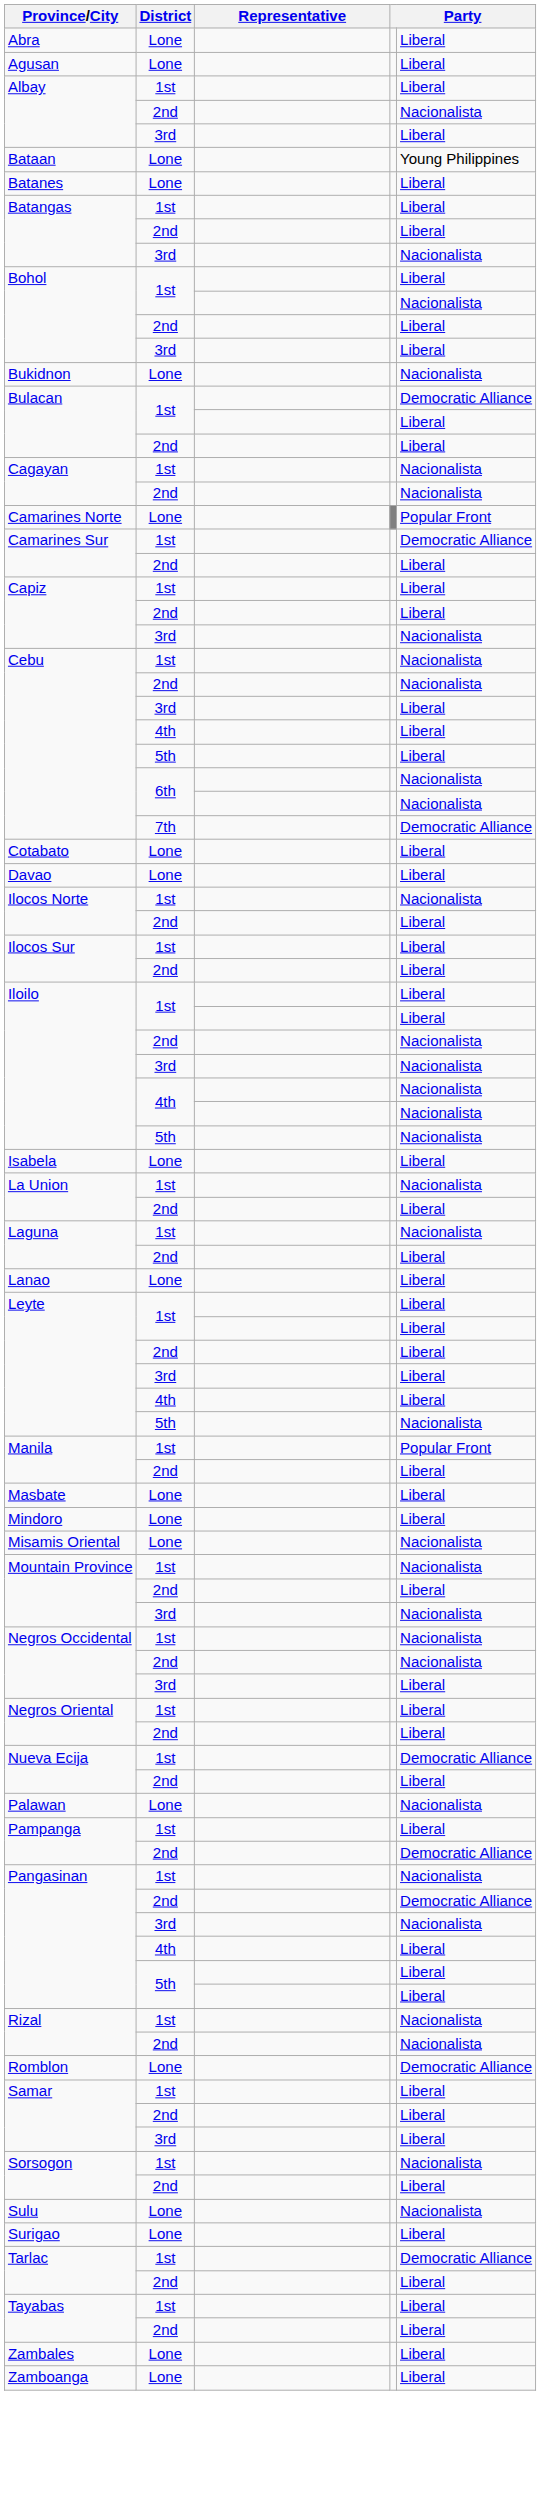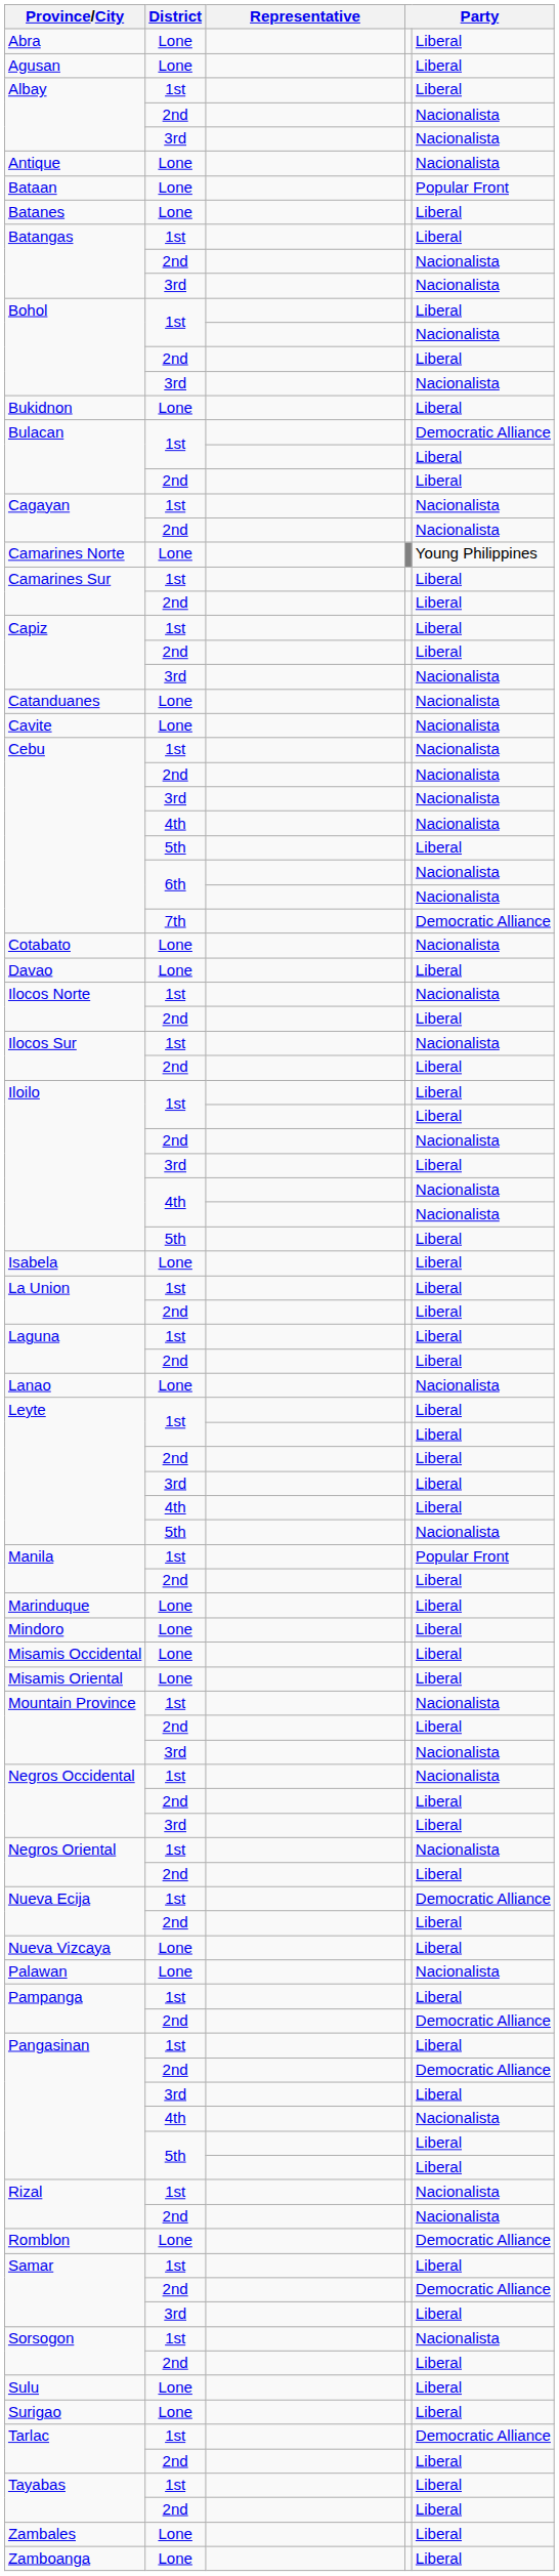 <table class="wikitable sortable">
 <tr>
 <th><a href='#'>Province</a>/<a href='#'>City</a></th>
 <th><a href='#'>District</a></th>
 <th width="200px"><a href='#'>Representative</a></th>
 <th colspan="2"><a href='#'>Party</a></th>
 </tr>
 <tr>
 <td valign="top"><a href='#'>Abra</a></td>
 <td align="center"><a href='#'>Lone</a></td>
 <td></td>
 <td></td>
 <td><a href='#'>Liberal</a></td>
 </tr>
 <tr>
 <td valign="top"><a href='#'>Agusan</a></td>
 <td align="center"><a href='#'>Lone</a></td>
 <td></td>
 <td></td>
 <td><a href='#'>Liberal</a></td>
 </tr>
 <tr>
 <td rowspan="3" valign="top"><a href='#'>Albay</a></td>
 <td align="center"><a href='#'>1st</a></td>
 <td></td>
 <td></td>
 <td><a href='#'>Liberal</a></td>
 </tr>
 <tr>
 <td align="center"><a href='#'>2nd</a></td>
 <td></td>
 <td></td>
 <td><a href='#'>Nacionalista</a></td>
 </tr>
 <tr>
 <td align="center"><a href='#'>3rd</a></td>
 <td></td>
 <td></td>
-<td><a href='#'>Liberal</a></td>
+<td><a href='#'>Nacionalista</a></td>
+</tr>
+<tr>
+<td><a href='#'>Antique</a></td>
+<td align="center"><a href='#'>Lone</a></td>
+<td></td>
+<td></td>
+<td><a href='#'>Nacionalista</a></td>
 </tr>
 <tr>
 <td valign="top"><a href='#'>Bataan</a></td>
 <td align="center"><a href='#'>Lone</a></td>
 <td></td>
 <td></td>
-<td>Young Philippines</td>
+<td><a href='#'>Popular Front</a></td>
 </tr>
 <tr>
 <td valign="top"><a href='#'>Batanes</a></td>
 <td align="center"><a href='#'>Lone</a></td>
 <td></td>
 <td></td>
 <td><a href='#'>Liberal</a></td>
 </tr>
 <tr>
 <td rowspan="3" valign="top"><a href='#'>Batangas</a></td>
 <td align="center"><a href='#'>1st</a></td>
 <td></td>
 <td></td>
 <td><a href='#'>Liberal</a></td>
 </tr>
 <tr>
 <td align="center"><a href='#'>2nd</a></td>
 <td></td>
 <td></td>
-<td><a href='#'>Liberal</a></td>
+<td><a href='#'>Nacionalista</a></td>
 </tr>
 <tr>
 <td align="center"><a href='#'>3rd</a></td>
 <td></td>
 <td></td>
 <td><a href='#'>Nacionalista</a></td>
 </tr>
 <tr>
 <td rowspan="4" valign="top"><a href='#'>Bohol</a></td>
 <td rowspan="2" align="center"><a href='#'>1st</a></td>
 <td></td>
 <td></td>
 <td><a href='#'>Liberal</a></td>
 </tr>
 <tr>
 <td></td>
 <td></td>
 <td><a href='#'>Nacionalista</a></td>
 </tr>
 <tr>
 <td align="center"><a href='#'>2nd</a></td>
 <td></td>
 <td></td>
 <td><a href='#'>Liberal</a></td>
 </tr>
 <tr>
 <td align="center"><a href='#'>3rd</a></td>
 <td></td>
 <td></td>
-<td><a href='#'>Liberal</a></td>
+<td><a href='#'>Nacionalista</a></td>
 </tr>
 <tr>
 <td valign="top"><a href='#'>Bukidnon</a></td>
 <td align="center"><a href='#'>Lone</a></td>
 <td></td>
 <td></td>
-<td><a href='#'>Nacionalista</a></td>
+<td><a href='#'>Liberal</a></td>
 </tr>
 <tr>
 <td rowspan="3" valign="top"><a href='#'>Bulacan</a></td>
 <td rowspan="2" align="center"><a href='#'>1st</a></td>
 <td></td>
 <td></td>
 <td><a href='#'>Democratic Alliance</a></td>
 </tr>
 <tr>
 <td></td>
 <td></td>
 <td><a href='#'>Liberal</a></td>
 </tr>
 <tr>
 <td align="center"><a href='#'>2nd</a></td>
 <td></td>
 <td></td>
 <td><a href='#'>Liberal</a></td>
 </tr>
 <tr>
 <td rowspan="2" valign="top"><a href='#'>Cagayan</a></td>
 <td align="center"><a href='#'>1st</a></td>
 <td></td>
 <td></td>
 <td><a href='#'>Nacionalista</a></td>
 </tr>
 <tr>
 <td align="center"><a href='#'>2nd</a></td>
 <td></td>
 <td></td>
 <td><a href='#'>Nacionalista</a></td>
 </tr>
 <tr>
 <td valign="top"><a href='#'>Camarines Norte</a></td>
 <td align="center"><a href='#'>Lone</a></td>
 <td></td>
 <td bgcolor="gray"></td>
-<td><a href='#'>Popular Front</a></td>
+<td>Young Philippines</td>
 </tr>
 <tr>
 <td rowspan="2" valign="top"><a href='#'>Camarines Sur</a></td>
 <td align="center"><a href='#'>1st</a></td>
 <td></td>
 <td></td>
-<td><a href='#'>Democratic Alliance</a></td>
+<td><a href='#'>Liberal</a></td>
 </tr>
 <tr>
 <td align="center"><a href='#'>2nd</a></td>
 <td></td>
 <td></td>
 <td><a href='#'>Liberal</a></td>
 </tr>
 <tr>
 <td rowspan="3" valign="top"><a href='#'>Capiz</a></td>
 <td align="center"><a href='#'>1st</a></td>
 <td></td>
 <td></td>
 <td><a href='#'>Liberal</a></td>
 </tr>
 <tr>
 <td align="center"><a href='#'>2nd</a></td>
 <td></td>
 <td></td>
 <td><a href='#'>Liberal</a></td>
 </tr>
 <tr>
 <td align="center"><a href='#'>3rd</a></td>
 <td></td>
 <td></td>
 <td><a href='#'>Nacionalista</a></td>
 </tr>
 <tr>
+<td valign="top"><a href='#'>Catanduanes</a></td>
+<td align="center"><a href='#'>Lone</a></td>
+<td></td>
+<td></td>
+<td><a href='#'>Nacionalista</a></td>
+</tr>
+<tr>
+<td valign="top"><a href='#'>Cavite</a></td>
+<td align="center"><a href='#'>Lone</a></td>
+<td></td>
+<td></td>
+<td><a href='#'>Nacionalista</a></td>
+</tr>
+<tr>
 <td rowspan="8" valign="top"><a href='#'>Cebu</a></td>
 <td align="center"><a href='#'>1st</a></td>
 <td></td>
 <td></td>
 <td><a href='#'>Nacionalista</a></td>
 </tr>
 <tr>
 <td align="center"><a href='#'>2nd</a></td>
 <td></td>
 <td></td>
 <td><a href='#'>Nacionalista</a></td>
 </tr>
 <tr>
 <td align="center"><a href='#'>3rd</a></td>
 <td></td>
 <td></td>
-<td><a href='#'>Liberal</a></td>
+<td><a href='#'>Nacionalista</a></td>
 </tr>
 <tr>
 <td align="center"><a href='#'>4th</a></td>
 <td></td>
 <td></td>
-<td><a href='#'>Liberal</a></td>
+<td><a href='#'>Nacionalista</a></td>
 </tr>
 <tr>
 <td align="center"><a href='#'>5th</a></td>
 <td></td>
 <td></td>
 <td><a href='#'>Liberal</a></td>
 </tr>
 <tr>
 <td rowspan="2" align="center"><a href='#'>6th</a></td>
 <td></td>
 <td></td>
 <td><a href='#'>Nacionalista</a></td>
 </tr>
 <tr>
 <td></td>
 <td></td>
 <td><a href='#'>Nacionalista</a></td>
 </tr>
 <tr>
 <td align="center"><a href='#'>7th</a></td>
 <td></td>
 <td></td>
 <td><a href='#'>Democratic Alliance</a></td>
 </tr>
 <tr>
 <td valign="top"><a href='#'>Cotabato</a></td>
 <td align="center"><a href='#'>Lone</a></td>
 <td></td>
 <td></td>
-<td><a href='#'>Liberal</a></td>
+<td><a href='#'>Nacionalista</a></td>
 </tr>
 <tr>
 <td valign="top"><a href='#'>Davao</a></td>
 <td align="center"><a href='#'>Lone</a></td>
 <td></td>
 <td></td>
 <td><a href='#'>Liberal</a></td>
 </tr>
 <tr>
 <td rowspan="2" valign="top"><a href='#'>Ilocos Norte</a></td>
 <td align="center"><a href='#'>1st</a></td>
 <td></td>
 <td></td>
 <td><a href='#'>Nacionalista</a></td>
 </tr>
 <tr>
 <td align="center"><a href='#'>2nd</a></td>
 <td></td>
 <td></td>
 <td><a href='#'>Liberal</a></td>
 </tr>
 <tr>
 <td rowspan="2" valign="top"><a href='#'>Ilocos Sur</a></td>
 <td align="center"><a href='#'>1st</a></td>
 <td></td>
 <td></td>
-<td><a href='#'>Liberal</a></td>
+<td><a href='#'>Nacionalista</a></td>
 </tr>
 <tr>
 <td align="center"><a href='#'>2nd</a></td>
 <td></td>
 <td></td>
 <td><a href='#'>Liberal</a></td>
 </tr>
 <tr>
 <td rowspan="7" valign="top"><a href='#'>Iloilo</a></td>
 <td rowspan="2" align="center"><a href='#'>1st</a></td>
 <td></td>
 <td></td>
 <td><a href='#'>Liberal</a></td>
 </tr>
 <tr>
 <td></td>
 <td></td>
 <td><a href='#'>Liberal</a></td>
 </tr>
 <tr>
 <td align="center"><a href='#'>2nd</a></td>
 <td></td>
 <td></td>
 <td><a href='#'>Nacionalista</a></td>
 </tr>
 <tr>
 <td align="center"><a href='#'>3rd</a></td>
 <td></td>
 <td></td>
-<td><a href='#'>Nacionalista</a></td>
+<td><a href='#'>Liberal</a></td>
 </tr>
 <tr>
 <td rowspan="2" align="center"><a href='#'>4th</a></td>
 <td></td>
 <td></td>
 <td><a href='#'>Nacionalista</a></td>
 </tr>
 <tr>
 <td></td>
 <td></td>
 <td><a href='#'>Nacionalista</a></td>
 </tr>
 <tr>
 <td align="center"><a href='#'>5th</a></td>
 <td></td>
 <td></td>
-<td><a href='#'>Nacionalista</a></td>
+<td><a href='#'>Liberal</a></td>
 </tr>
 <tr>
 <td valign="top"><a href='#'>Isabela</a></td>
 <td align="center"><a href='#'>Lone</a></td>
 <td></td>
 <td></td>
 <td><a href='#'>Liberal</a></td>
 </tr>
 <tr>
 <td rowspan="2" valign="top"><a href='#'>La Union</a></td>
 <td align="center"><a href='#'>1st</a></td>
 <td></td>
 <td></td>
-<td><a href='#'>Nacionalista</a></td>
+<td><a href='#'>Liberal</a></td>
 </tr>
 <tr>
 <td align="center"><a href='#'>2nd</a></td>
 <td></td>
 <td></td>
 <td><a href='#'>Liberal</a></td>
 </tr>
 <tr>
 <td rowspan="2" valign="top"><a href='#'>Laguna</a></td>
 <td align="center"><a href='#'>1st</a></td>
 <td></td>
 <td></td>
-<td><a href='#'>Nacionalista</a></td>
+<td><a href='#'>Liberal</a></td>
 </tr>
 <tr>
 <td align="center"><a href='#'>2nd</a></td>
 <td></td>
 <td></td>
 <td><a href='#'>Liberal</a></td>
 </tr>
 <tr>
 <td valign="top"><a href='#'>Lanao</a></td>
 <td align="center"><a href='#'>Lone</a></td>
 <td></td>
 <td></td>
-<td><a href='#'>Liberal</a></td>
+<td><a href='#'>Nacionalista</a></td>
 </tr>
 <tr>
 <td rowspan="6" valign="top"><a href='#'>Leyte</a></td>
 <td rowspan="2" align="center"><a href='#'>1st</a></td>
 <td></td>
 <td></td>
 <td><a href='#'>Liberal</a></td>
 </tr>
 <tr>
 <td></td>
 <td></td>
 <td><a href='#'>Liberal</a></td>
 </tr>
 <tr>
 <td align="center"><a href='#'>2nd</a></td>
 <td></td>
 <td></td>
 <td><a href='#'>Liberal</a></td>
 </tr>
 <tr>
 <td align="center"><a href='#'>3rd</a></td>
 <td></td>
 <td></td>
 <td><a href='#'>Liberal</a></td>
 </tr>
 <tr>
 <td align="center"><a href='#'>4th</a></td>
 <td></td>
 <td></td>
 <td><a href='#'>Liberal</a></td>
 </tr>
 <tr>
 <td align="center"><a href='#'>5th</a></td>
 <td></td>
 <td></td>
 <td><a href='#'>Nacionalista</a></td>
 </tr>
 <tr>
 <td rowspan="2" valign="top"><a href='#'>Manila</a></td>
 <td align="center"><a href='#'>1st</a></td>
 <td></td>
 <td></td>
 <td><a href='#'>Popular Front</a></td>
 </tr>
 <tr>
 <td align="center"><a href='#'>2nd</a></td>
 <td></td>
 <td></td>
 <td><a href='#'>Liberal</a></td>
 </tr>
 <tr>
-<td valign="top"><a href='#'>Masbate</a></td>
+<td valign="top"><a href='#'>Marinduque</a></td>
 <td align="center"><a href='#'>Lone</a></td>
 <td></td>
 <td></td>
 <td><a href='#'>Liberal</a></td>
 </tr>
 <tr>
 <td valign="top"><a href='#'>Mindoro</a></td>
 <td align="center"><a href='#'>Lone</a></td>
 <td></td>
 <td></td>
 <td><a href='#'>Liberal</a></td>
 </tr>
 <tr>
+<td valign="top"><a href='#'>Misamis Occidental</a></td>
+<td align="center"><a href='#'>Lone</a></td>
+<td></td>
+<td></td>
+<td><a href='#'>Liberal</a></td>
+</tr>
+<tr>
 <td valign="top"><a href='#'>Misamis Oriental</a></td>
 <td align="center"><a href='#'>Lone</a></td>
 <td></td>
 <td></td>
-<td><a href='#'>Nacionalista</a></td>
+<td><a href='#'>Liberal</a></td>
 </tr>
 <tr>
 <td rowspan="3" valign="top"><a href='#'>Mountain Province</a></td>
 <td align="center"><a href='#'>1st</a></td>
 <td></td>
 <td></td>
 <td><a href='#'>Nacionalista</a></td>
 </tr>
 <tr>
 <td align="center"><a href='#'>2nd</a></td>
 <td></td>
 <td></td>
 <td><a href='#'>Liberal</a></td>
 </tr>
 <tr>
 <td align="center"><a href='#'>3rd</a></td>
 <td></td>
 <td></td>
 <td><a href='#'>Nacionalista</a></td>
 </tr>
 <tr>
 <td rowspan="3" valign="top"><a href='#'>Negros Occidental</a></td>
 <td align="center"><a href='#'>1st</a></td>
 <td></td>
 <td></td>
 <td><a href='#'>Nacionalista</a></td>
 </tr>
 <tr>
 <td align="center"><a href='#'>2nd</a></td>
 <td></td>
 <td></td>
-<td><a href='#'>Nacionalista</a></td>
+<td><a href='#'>Liberal</a></td>
 </tr>
 <tr>
 <td align="center"><a href='#'>3rd</a></td>
 <td></td>
 <td></td>
 <td><a href='#'>Liberal</a></td>
 </tr>
 <tr>
 <td rowspan="2" valign="top"><a href='#'>Negros Oriental</a></td>
 <td align="center"><a href='#'>1st</a></td>
 <td></td>
 <td></td>
-<td><a href='#'>Liberal</a></td>
+<td><a href='#'>Nacionalista</a></td>
 </tr>
 <tr>
 <td align="center"><a href='#'>2nd</a></td>
 <td></td>
 <td></td>
 <td><a href='#'>Liberal</a></td>
 </tr>
 <tr>
 <td rowspan="2" valign="top"><a href='#'>Nueva Ecija</a></td>
 <td align="center"><a href='#'>1st</a></td>
 <td></td>
 <td></td>
 <td><a href='#'>Democratic Alliance</a></td>
 </tr>
 <tr>
 <td align="center"><a href='#'>2nd</a></td>
+<td></td>
+<td></td>
+<td><a href='#'>Liberal</a></td>
+</tr>
+<tr>
+<td valign="top"><a href='#'>Nueva Vizcaya</a></td>
+<td align="center"><a href='#'>Lone</a></td>
 <td></td>
 <td></td>
 <td><a href='#'>Liberal</a></td>
 </tr>
 <tr>
 <td valign="top"><a href='#'>Palawan</a></td>
 <td align="center"><a href='#'>Lone</a></td>
 <td></td>
 <td></td>
 <td><a href='#'>Nacionalista</a></td>
 </tr>
 <tr>
 <td rowspan="2" valign="top"><a href='#'>Pampanga</a></td>
 <td align="center"><a href='#'>1st</a></td>
 <td></td>
 <td></td>
 <td><a href='#'>Liberal</a></td>
 </tr>
 <tr>
 <td align="center"><a href='#'>2nd</a></td>
 <td></td>
 <td></td>
 <td><a href='#'>Democratic Alliance</a></td>
 </tr>
 <tr>
 <td rowspan="6" valign="top"><a href='#'>Pangasinan</a></td>
 <td align="center"><a href='#'>1st</a></td>
 <td></td>
 <td></td>
-<td><a href='#'>Nacionalista</a></td>
+<td><a href='#'>Liberal</a></td>
 </tr>
 <tr>
 <td align="center"><a href='#'>2nd</a></td>
 <td></td>
 <td></td>
 <td><a href='#'>Democratic Alliance</a></td>
 </tr>
 <tr>
 <td align="center"><a href='#'>3rd</a></td>
 <td></td>
 <td></td>
-<td><a href='#'>Nacionalista</a></td>
+<td><a href='#'>Liberal</a></td>
 </tr>
 <tr>
 <td align="center"><a href='#'>4th</a></td>
 <td></td>
 <td></td>
-<td><a href='#'>Liberal</a></td>
+<td><a href='#'>Nacionalista</a></td>
 </tr>
 <tr>
 <td rowspan="2" align="center"><a href='#'>5th</a></td>
 <td></td>
 <td></td>
 <td><a href='#'>Liberal</a></td>
 </tr>
 <tr>
 <td></td>
 <td></td>
 <td><a href='#'>Liberal</a></td>
 </tr>
 <tr>
 <td rowspan="2" valign="top"><a href='#'>Rizal</a></td>
 <td align="center"><a href='#'>1st</a></td>
 <td></td>
 <td></td>
 <td><a href='#'>Nacionalista</a></td>
 </tr>
 <tr>
 <td align="center"><a href='#'>2nd</a></td>
 <td></td>
 <td></td>
 <td><a href='#'>Nacionalista</a></td>
 </tr>
 <tr>
 <td valign="top"><a href='#'>Romblon</a></td>
 <td align="center"><a href='#'>Lone</a></td>
 <td></td>
 <td></td>
 <td><a href='#'>Democratic Alliance</a></td>
 </tr>
 <tr>
 <td rowspan="3" valign="top"><a href='#'>Samar</a></td>
 <td align="center"><a href='#'>1st</a></td>
 <td></td>
 <td></td>
 <td><a href='#'>Liberal</a></td>
 </tr>
 <tr>
 <td align="center"><a href='#'>2nd</a></td>
 <td></td>
 <td></td>
-<td><a href='#'>Liberal</a></td>
+<td><a href='#'>Democratic Alliance</a></td>
 </tr>
 <tr>
 <td align="center"><a href='#'>3rd</a></td>
 <td></td>
 <td></td>
 <td><a href='#'>Liberal</a></td>
 </tr>
 <tr>
 <td rowspan="2" valign="top"><a href='#'>Sorsogon</a></td>
 <td align="center"><a href='#'>1st</a></td>
 <td></td>
 <td></td>
 <td><a href='#'>Nacionalista</a></td>
 </tr>
 <tr>
 <td align="center"><a href='#'>2nd</a></td>
 <td></td>
 <td></td>
 <td><a href='#'>Liberal</a></td>
 </tr>
 <tr>
 <td valign="top"><a href='#'>Sulu</a></td>
 <td align="center"><a href='#'>Lone</a></td>
 <td></td>
 <td></td>
-<td><a href='#'>Nacionalista</a></td>
+<td><a href='#'>Liberal</a></td>
 </tr>
 <tr>
 <td valign="top"><a href='#'>Surigao</a></td>
 <td align="center"><a href='#'>Lone</a></td>
 <td></td>
 <td></td>
 <td><a href='#'>Liberal</a></td>
 </tr>
 <tr>
 <td rowspan="2" valign="top"><a href='#'>Tarlac</a></td>
 <td align="center"><a href='#'>1st</a></td>
 <td></td>
 <td></td>
 <td><a href='#'>Democratic Alliance</a></td>
 </tr>
 <tr>
 <td align="center"><a href='#'>2nd</a></td>
 <td></td>
 <td></td>
 <td><a href='#'>Liberal</a></td>
 </tr>
 <tr>
 <td rowspan="2" valign="top"><a href='#'>Tayabas</a></td>
 <td align="center"><a href='#'>1st</a></td>
 <td></td>
 <td></td>
 <td><a href='#'>Liberal</a></td>
 </tr>
 <tr>
 <td align="center"><a href='#'>2nd</a></td>
 <td></td>
 <td></td>
 <td><a href='#'>Liberal</a></td>
 </tr>
 <tr>
 <td valign="top"><a href='#'>Zambales</a></td>
 <td align="center"><a href='#'>Lone</a></td>
 <td></td>
 <td></td>
 <td><a href='#'>Liberal</a></td>
 </tr>
 <tr>
 <td valign="top"><a href='#'>Zamboanga</a></td>
 <td align="center"><a href='#'>Lone</a></td>
 <td></td>
 <td></td>
 <td><a href='#'>Liberal</a></td>
 </tr>
 </table>
